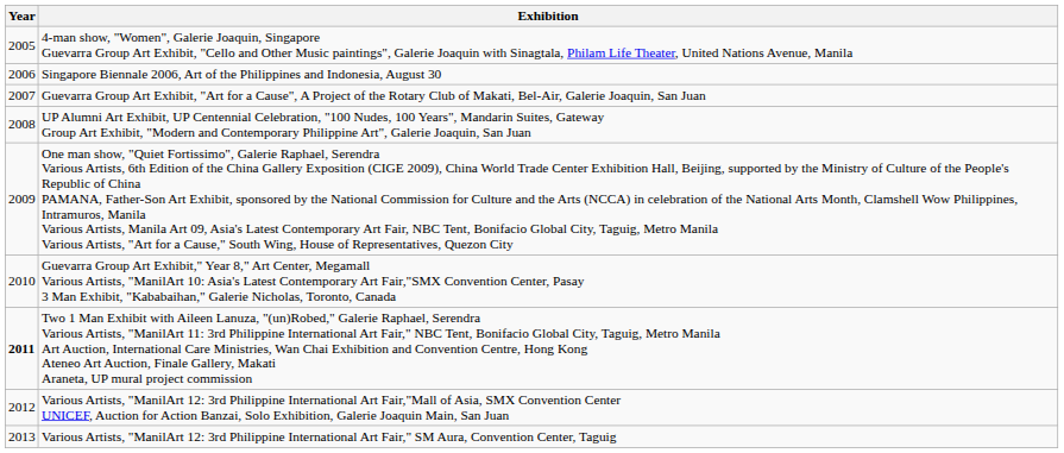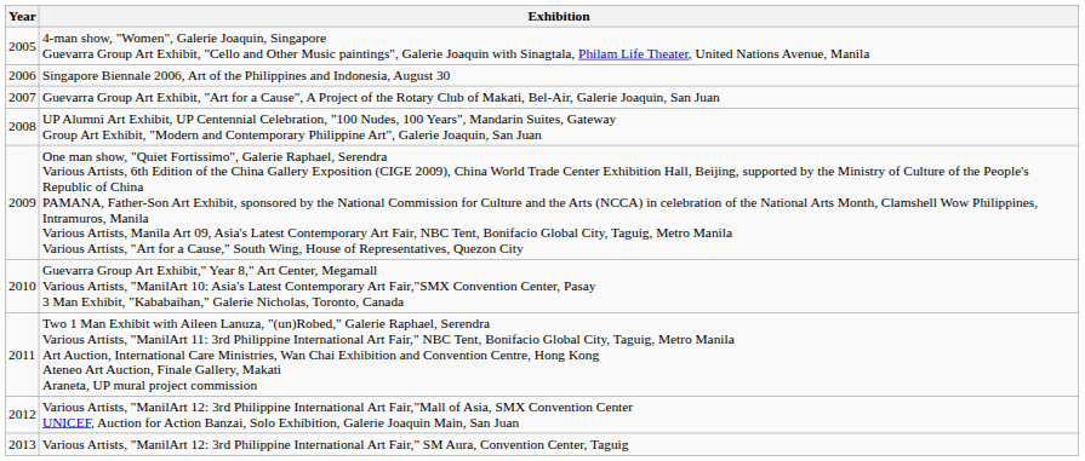 <table class="wikitable">
 <tr>
 <th>Year</th>
 <th>Exhibition</th>
 </tr>
 <tr>
 <td>2005</td>
 <td>4-man show, "Women", Galerie Joaquin, Singapore<br>Guevarra Group Art Exhibit, "Cello and Other Music paintings", Galerie Joaquin with Sinagtala, <a href='#'>Philam Life Theater</a>, United Nations Avenue, Manila</td>
 </tr>
 <tr>
 <td>2006</td>
 <td>Singapore Biennale 2006, Art of the Philippines and Indonesia, August 30</td>
 </tr>
 <tr>
 <td>2007</td>
 <td>Guevarra Group Art Exhibit, "Art for a Cause", A Project of the Rotary Club of Makati, Bel-Air, Galerie Joaquin, San Juan</td>
 </tr>
 <tr>
 <td>2008</td>
 <td>UP Alumni Art Exhibit, UP Centennial Celebration, "100 Nudes, 100 Years", Mandarin Suites, Gateway<br>Group Art Exhibit, "Modern and Contemporary Philippine Art", Galerie Joaquin, San Juan</td>
 </tr>
 <tr>
 <td>2009</td>
 <td>One man show, "Quiet Fortissimo", Galerie Raphael, Serendra<br>Various Artists, 6th Edition of the China Gallery Exposition (CIGE 2009), China World Trade Center Exhibition Hall, Beijing, supported by the Ministry of Culture of the People's Republic of China<br>PAMANA, Father-Son Art Exhibit, sponsored by the National Commission for Culture and the Arts (NCCA) in celebration of the National Arts Month, Clamshell Wow Philippines, Intramuros, Manila<br>Various Artists, Manila Art 09, Asia's Latest Contemporary Art Fair, NBC Tent, Bonifacio Global City, Taguig, Metro Manila<br>Various Artists, "Art for a Cause," South Wing, House of Representatives, Quezon City</td>
 </tr>
 <tr>
 <td>2010</td>
 <td>Guevarra Group Art Exhibit," Year 8," Art Center, Megamall<br>Various Artists, "ManilArt 10: Asia's Latest Contemporary Art Fair,"SMX Convention Center, Pasay<br>3 Man Exhibit, "Kababaihan," Galerie Nicholas, Toronto, Canada</td>
 </tr>
 <tr>
-<td><strong>2011</strong></td>
+<td>2011</td>
 <td>Two 1 Man Exhibit with Aileen Lanuza, "(un)Robed," Galerie Raphael, Serendra<br>Various Artists, "ManilArt 11: 3rd Philippine International Art Fair," NBC Tent, Bonifacio Global City, Taguig, Metro Manila<br>Art Auction, International Care Ministries, Wan Chai Exhibition and Convention Centre, Hong Kong<br>Ateneo Art Auction, Finale Gallery, Makati<br>Araneta, UP mural project commission</td>
 </tr>
 <tr>
 <td>2012</td>
 <td>Various Artists, "ManilArt 12: 3rd Philippine International Art Fair,"Mall of Asia, SMX Convention Center<br><a href='#'>UNICEF</a>, Auction for Action Banzai, Solo Exhibition, Galerie Joaquin Main, San Juan</td>
 </tr>
 <tr>
 <td>2013</td>
 <td>Various Artists, "ManilArt 12: 3rd Philippine International Art Fair," SM Aura, Convention Center, Taguig</td>
 </tr>
 </table>
